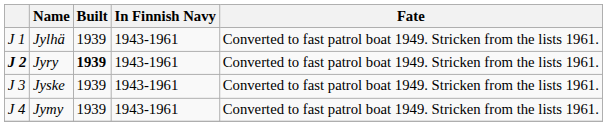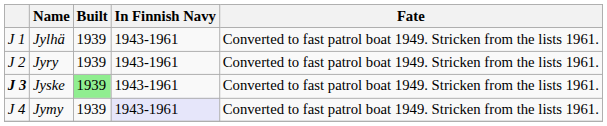 <table class="wikitable">
 <tr>
 <th></th>
 <th>Name</th>
 <th>Built</th>
 <th>In Finnish Navy</th>
 <th>Fate</th>
 </tr>
 <tr>
 <td><em>J 1</em></td>
 <td><em>Jylhä</em></td>
 <td>1939</td>
 <td>1943-1961</td>
 <td>Converted to fast patrol boat 1949. Stricken from the lists 1961.</td>
 </tr>
 <tr>
-<td><strong><em>J 2</em></strong></td>
+<td><em>J 2</em></td>
 <td><em>Jyry</em></td>
-<td><strong>1939</strong></td>
+<td>1939</td>
 <td>1943-1961</td>
 <td>Converted to fast patrol boat 1949. Stricken from the lists 1961.</td>
 </tr>
 <tr>
-<td><em>J 3</em></td>
+<td><strong><em>J 3</em></strong></td>
 <td><em>Jyske</em></td>
-<td>1939</td>
+<td style="background: lightgreen;">1939</td>
 <td>1943-1961</td>
 <td>Converted to fast patrol boat 1949. Stricken from the lists 1961.</td>
 </tr>
 <tr>
 <td><em>J 4</em></td>
 <td><em>Jymy</em></td>
 <td>1939</td>
-<td>1943-1961</td>
+<td style="background: lavender;">1943-1961</td>
 <td>Converted to fast patrol boat 1949. Stricken from the lists 1961.</td>
 </tr>
 <tr>
 </tr>
 </table>
